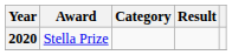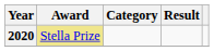 <table class="wikitable sortable">
 <tr>
 <th>Year</th>
 <th>Award</th>
 <th>Category</th>
 <th>Result</th>
 <th></th>
 </tr>
 <tr>
 <th rowspan="1">2020</th>
-<td><a href='#'>Stella Prize</a></td>
+<td style="background: khaki;"><a href='#'>Stella Prize</a></td>
 <td></td>
 <td></td>
 <td></td>
 </tr>
 <tr>
 </tr>
 </table>
